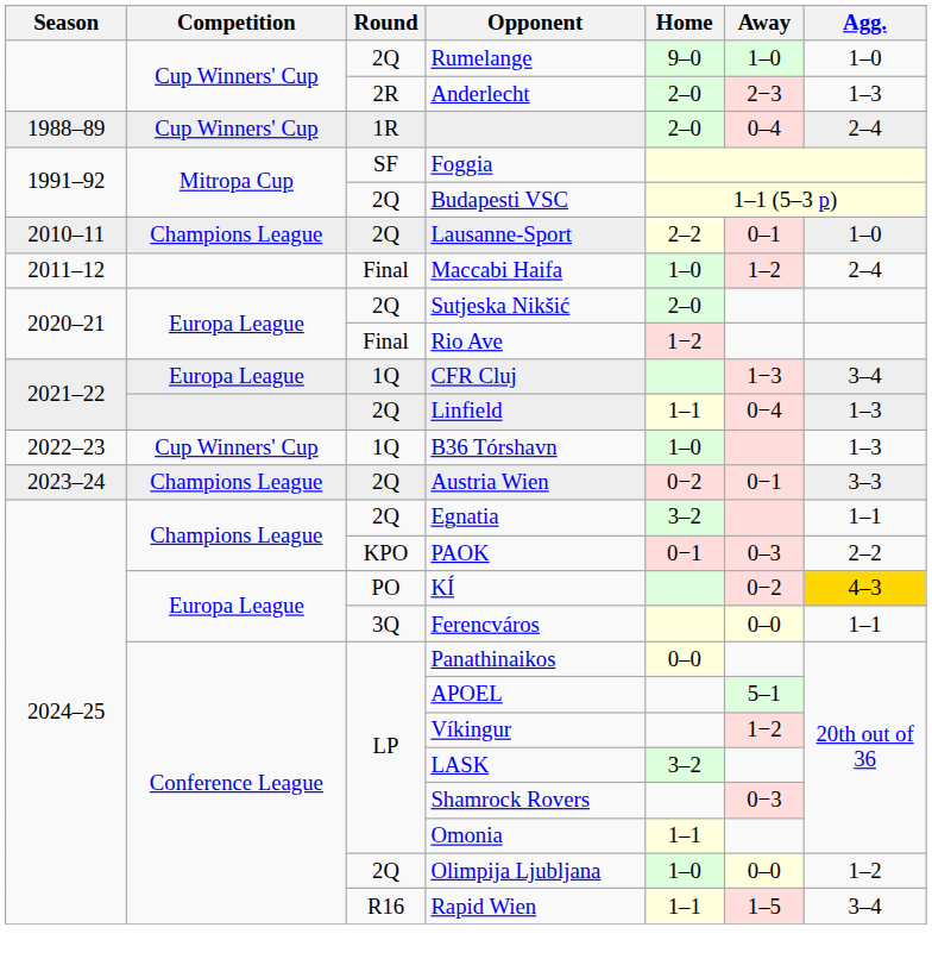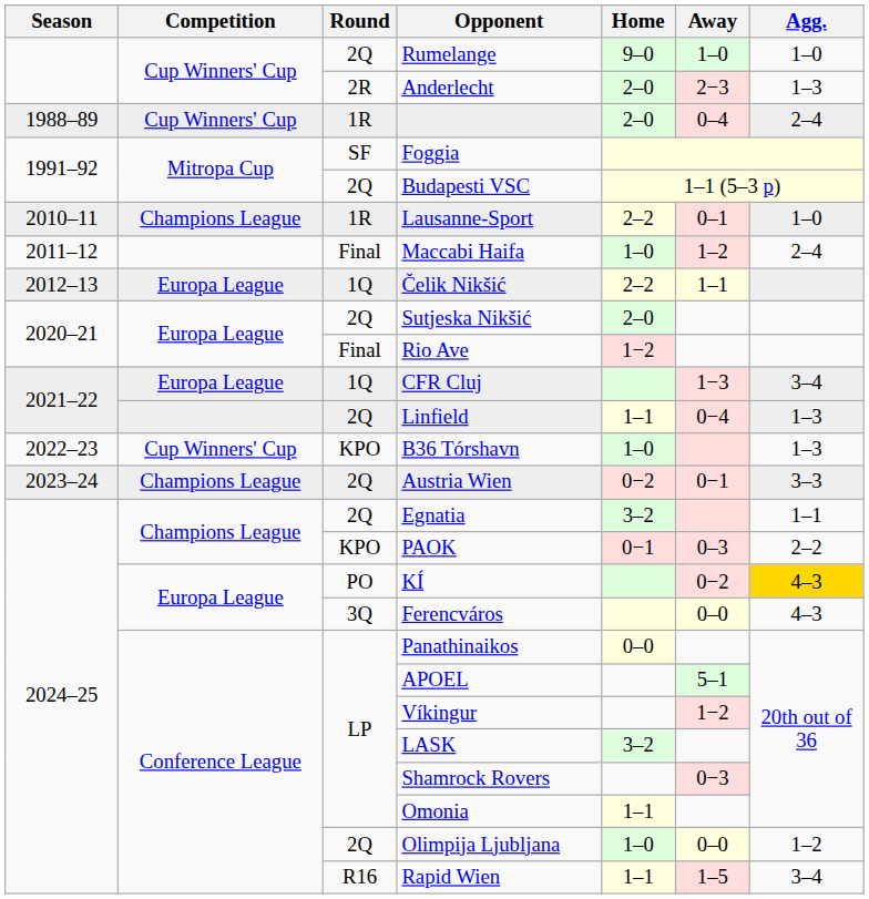 <table class="wikitable" style="text-align: center">
 <tr>
 <th width="80">Season</th>
 <th width="150">Competition</th>
 <th width="50">Round</th>
 <th width="150">Opponent</th>
 <th width="50">Home</th>
 <th width="50">Away</th>
 <th width="80"><a href='#'>Agg.</a></th>
 </tr>
 <tr>
 <td rowspan=2></td>
 <td rowspan=2><a href='#'>Cup Winners' Cup</a></td>
 <td>2Q</td>
 <td align="left"> <a href='#'>Rumelange</a></td>
 <td bgcolor="#ddffdd">9–0</td>
 <td bgcolor="#ddffdd">1–0</td>
 <td>1–0</td>
 </tr>
 <tr>
 <td>2R</td>
 <td align="left"> <a href='#'>Anderlecht</a></td>
 <td bgcolor="#ddffdd">2–0</td>
 <td bgcolor="#ffdddd">2−3</td>
 <td>1–3</td>
 </tr>
 <tr bgcolor=#EEEEEE>
 <td>1988–89</td>
 <td><a href='#'>Cup Winners' Cup</a></td>
 <td>1R</td>
 <td align="left"></td>
 <td bgcolor="#ddffdd">2–0</td>
 <td bgcolor="#ffdddd">0–4</td>
 <td>2–4</td>
 </tr>
 <tr>
 <td rowspan=2>1991–92</td>
 <td rowspan=2><a href='#'>Mitropa Cup</a></td>
 <td>SF</td>
 <td align="left"> <a href='#'>Foggia</a></td>
 <td colspan="3" bgcolor="#ffffdd"></td>
 </tr>
 <tr>
 <td>2Q</td>
 <td align="left"> <a href='#'>Budapesti VSC</a></td>
 <td colspan="3" bgcolor="#ffffdd">1–1 (5–3 <a href='#'>p</a>)</td>
 </tr>
 <tr bgcolor=#EEEEEE>
 <td>2010–11</td>
 <td><a href='#'>Champions League</a></td>
-<td>2Q</td>
+<td>1R</td>
 <td align="left"> <a href='#'>Lausanne-Sport</a></td>
 <td bgcolor="#ffffdd">2–2</td>
 <td bgcolor="#ffdddd">0–1</td>
 <td>1–0</td>
 </tr>
 <tr>
 <td>2011–12</td>
 <td></td>
 <td>Final</td>
 <td align="left"> <a href='#'>Maccabi Haifa</a></td>
 <td bgcolor="#ddffdd">1–0</td>
 <td bgcolor="#ffdddd">1–2 </td>
 <td>2–4</td>
+</tr>
+<tr bgcolor=#EEEEEE>
+<td>2012–13</td>
+<td><a href='#'>Europa League</a></td>
+<td>1Q</td>
+<td align="left"> <a href='#'>Čelik Nikšić</a></td>
+<td bgcolor="#ffffdd">2–2</td>
+<td bgcolor="#ffffdd">1–1</td>
+<td></td>
 </tr>
 <tr>
 <td rowspan=2>2020–21</td>
 <td rowspan=2><a href='#'>Europa League</a></td>
 <td>2Q</td>
 <td align="left"> <a href='#'>Sutjeska Nikšić</a></td>
 <td bgcolor="#ddffdd">2–0</td>
 <td></td>
 <td></td>
 </tr>
 <tr>
 <td>Final</td>
 <td align="left"> <a href='#'>Rio Ave</a></td>
 <td bgcolor="#ffdddd">1−2</td>
 <td></td>
 <td></td>
 </tr>
 <tr bgcolor=#EEEEEE>
 <td rowspan=2>2021–22</td>
 <td><a href='#'>Europa League</a></td>
 <td>1Q</td>
 <td align="left"> <a href='#'>CFR Cluj</a></td>
 <td bgcolor="#ddffdd"></td>
 <td bgcolor="#ffdddd">1−3</td>
 <td>3–4</td>
 </tr>
 <tr bgcolor=#EEEEEE>
 <td></td>
 <td>2Q</td>
 <td align="left"> <a href='#'>Linfield</a></td>
 <td bgcolor="#ffffdd">1–1</td>
 <td bgcolor="#ffdddd">0−4</td>
 <td>1–3</td>
 </tr>
 <tr>
 <td>2022–23</td>
 <td><a href='#'>Cup Winners' Cup</a></td>
-<td>1Q</td>
+<td>KPO</td>
 <td align="left"> <a href='#'>B36 Tórshavn</a></td>
 <td bgcolor="#ddffdd">1–0</td>
 <td bgcolor="#ffdddd"></td>
 <td>1–3</td>
 </tr>
 <tr bgcolor=#EEEEEE>
 <td>2023–24</td>
 <td><a href='#'>Champions League</a></td>
 <td>2Q</td>
 <td align="left"> <a href='#'>Austria Wien</a></td>
 <td bgcolor="#ffdddd">0−2</td>
 <td bgcolor="#ffdddd">0−1</td>
 <td>3–3 </td>
 </tr>
 <tr>
 <td rowspan=12>2024–25</td>
 <td rowspan=2><a href='#'>Champions League</a></td>
 <td>2Q</td>
 <td align="left"> <a href='#'>Egnatia</a></td>
 <td bgcolor="#ddffdd">3–2</td>
 <td bgcolor="#ffdddd"></td>
 <td>1–1 </td>
 </tr>
 <tr>
 <td>KPO</td>
 <td align="left"> <a href='#'>PAOK</a></td>
 <td bgcolor="#ffdddd">0−1</td>
 <td bgcolor="#ffdddd">0–3</td>
 <td>2–2 </td>
 </tr>
 <tr>
 <td rowspan=2><a href='#'>Europa League</a></td>
 <td>PO</td>
 <td align="left"> <a href='#'>KÍ</a></td>
 <td bgcolor="#ddffdd"></td>
 <td bgcolor="#ffdddd">0−2</td>
 <td style="background: gold;">4–3</td>
 </tr>
 <tr>
 <td>3Q</td>
 <td align="left"> <a href='#'>Ferencváros</a></td>
 <td bgcolor="#ffffdd"></td>
 <td bgcolor="#ffffdd">0–0</td>
-<td>1–1 </td>
+<td>4–3</td>
 </tr>
 <tr>
 <td rowspan=8><a href='#'>Conference League</a></td>
 <td rowspan=6>LP</td>
 <td align="left"> <a href='#'>Panathinaikos</a></td>
 <td bgcolor="#ffffdd">0–0</td>
 <td></td>
 <td rowspan="6" style="text-align:center;"><a href='#'>20th out of 36</a></td>
 </tr>
 <tr>
 <td align="left"> <a href='#'>APOEL</a></td>
 <td></td>
 <td bgcolor="#ddffdd">5–1</td>
 </tr>
 <tr>
 <td align="left"> <a href='#'>Víkingur</a></td>
 <td></td>
 <td bgcolor="#ffdddd">1−2</td>
 </tr>
 <tr>
 <td align="left"> <a href='#'>LASK</a></td>
 <td bgcolor="#ddffdd">3–2</td>
 <td></td>
 </tr>
 <tr>
 <td align="left"> <a href='#'>Shamrock Rovers</a></td>
 <td></td>
 <td bgcolor="#ffdddd">0−3</td>
 </tr>
 <tr>
 <td align="left"> <a href='#'>Omonia</a></td>
 <td bgcolor="#ffffdd">1–1</td>
 <td></td>
 </tr>
 <tr>
 <td>2Q</td>
 <td align="left"> <a href='#'>Olimpija Ljubljana</a></td>
 <td bgcolor="#ddffdd">1–0</td>
 <td bgcolor="#ffffdd">0–0</td>
 <td>1–2</td>
 </tr>
 <tr>
 <td>R16</td>
 <td align="left"> <a href='#'>Rapid Wien</a></td>
 <td bgcolor="#ffffdd">1–1</td>
 <td bgcolor="#ffdddd">1–5</td>
 <td>3–4</td>
 </tr>
 </table>
